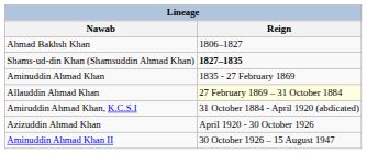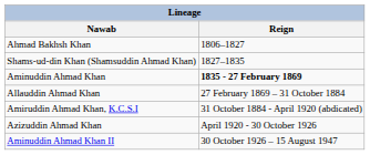 <table class="wikitable" style="font-size: 90%;">
 <tr>
 <th colspan="6" style="background: LightSteelBlue;">Lineage</th>
 </tr>
 <tr>
 <th>Nawab</th>
 <th>Reign</th>
 </tr>
 <tr>
 <td>Ahmad Bakhsh Khan</td>
 <td>1806–1827</td>
 </tr>
 <tr>
 <td>Shams-ud-din Khan (Shamsuddin Ahmad Khan)</td>
-<td><strong>1827–1835</strong></td>
+<td>1827–1835</td>
 </tr>
 <tr>
 <td>Aminuddin Ahmad Khan</td>
-<td>1835 - 27 February 1869</td>
+<td><strong>1835 - 27 February 1869</strong></td>
 </tr>
 <tr>
 <td>Allauddin Ahmad Khan</td>
-<td style="background: lightyellow;">27 February 1869 – 31 October 1884</td>
+<td>27 February 1869 – 31 October 1884</td>
 </tr>
 <tr>
 <td>Amiruddin Ahmad Khan, <a href='#'>K.C.S.I</a></td>
 <td>31 October 1884 - April 1920 (abdicated)</td>
 </tr>
 <tr>
 <td>Azizuddin Ahmad Khan</td>
 <td>April 1920 - 30 October 1926</td>
 </tr>
 <tr>
 <td><a href='#'>Aminuddin Ahmad Khan II</a></td>
 <td>30 October 1926 – 15 August 1947</td>
 </tr>
 </table>
